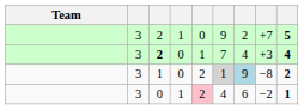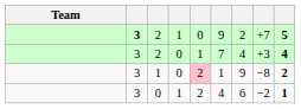 <table class="wikitable" style="text-align:center;">
 <tr>
 <th width=150>Team</th>
 <th width=20></th>
 <th width=20></th>
 <th width=20></th>
 <th width=20></th>
 <th width=20></th>
 <th width=20></th>
 <th width=20></th>
 <th width=20></th>
 </tr>
 <tr bgcolor="#ccffcc">
 <td align=left></td>
-<td>3</td>
+<td><strong>3</strong></td>
 <td>2</td>
 <td>1</td>
 <td>0</td>
 <td>9</td>
 <td>2</td>
 <td>+7</td>
 <td><strong>5</strong></td>
 </tr>
 <tr bgcolor="#ccffcc">
 <td align=left></td>
 <td>3</td>
-<td><strong>2</strong></td>
+<td>2</td>
 <td>0</td>
 <td>1</td>
 <td>7</td>
 <td>4</td>
 <td>+3</td>
 <td><strong>4</strong></td>
 </tr>
 <tr>
 <td align=left></td>
 <td>3</td>
 <td>1</td>
 <td>0</td>
-<td>2</td>
-<td style="background: lightgrey;">1</td>
-<td style="background: lightblue;">9</td>
+<td style="background: pink;">2</td>
+<td>1</td>
+<td>9</td>
 <td>−8</td>
 <td><strong>2</strong></td>
 </tr>
 <tr>
 <td align=left></td>
 <td>3</td>
 <td>0</td>
 <td>1</td>
-<td style="background: pink;">2</td>
+<td>2</td>
 <td>4</td>
 <td>6</td>
 <td>−2</td>
 <td><strong>1</strong></td>
 </tr>
 </table>
